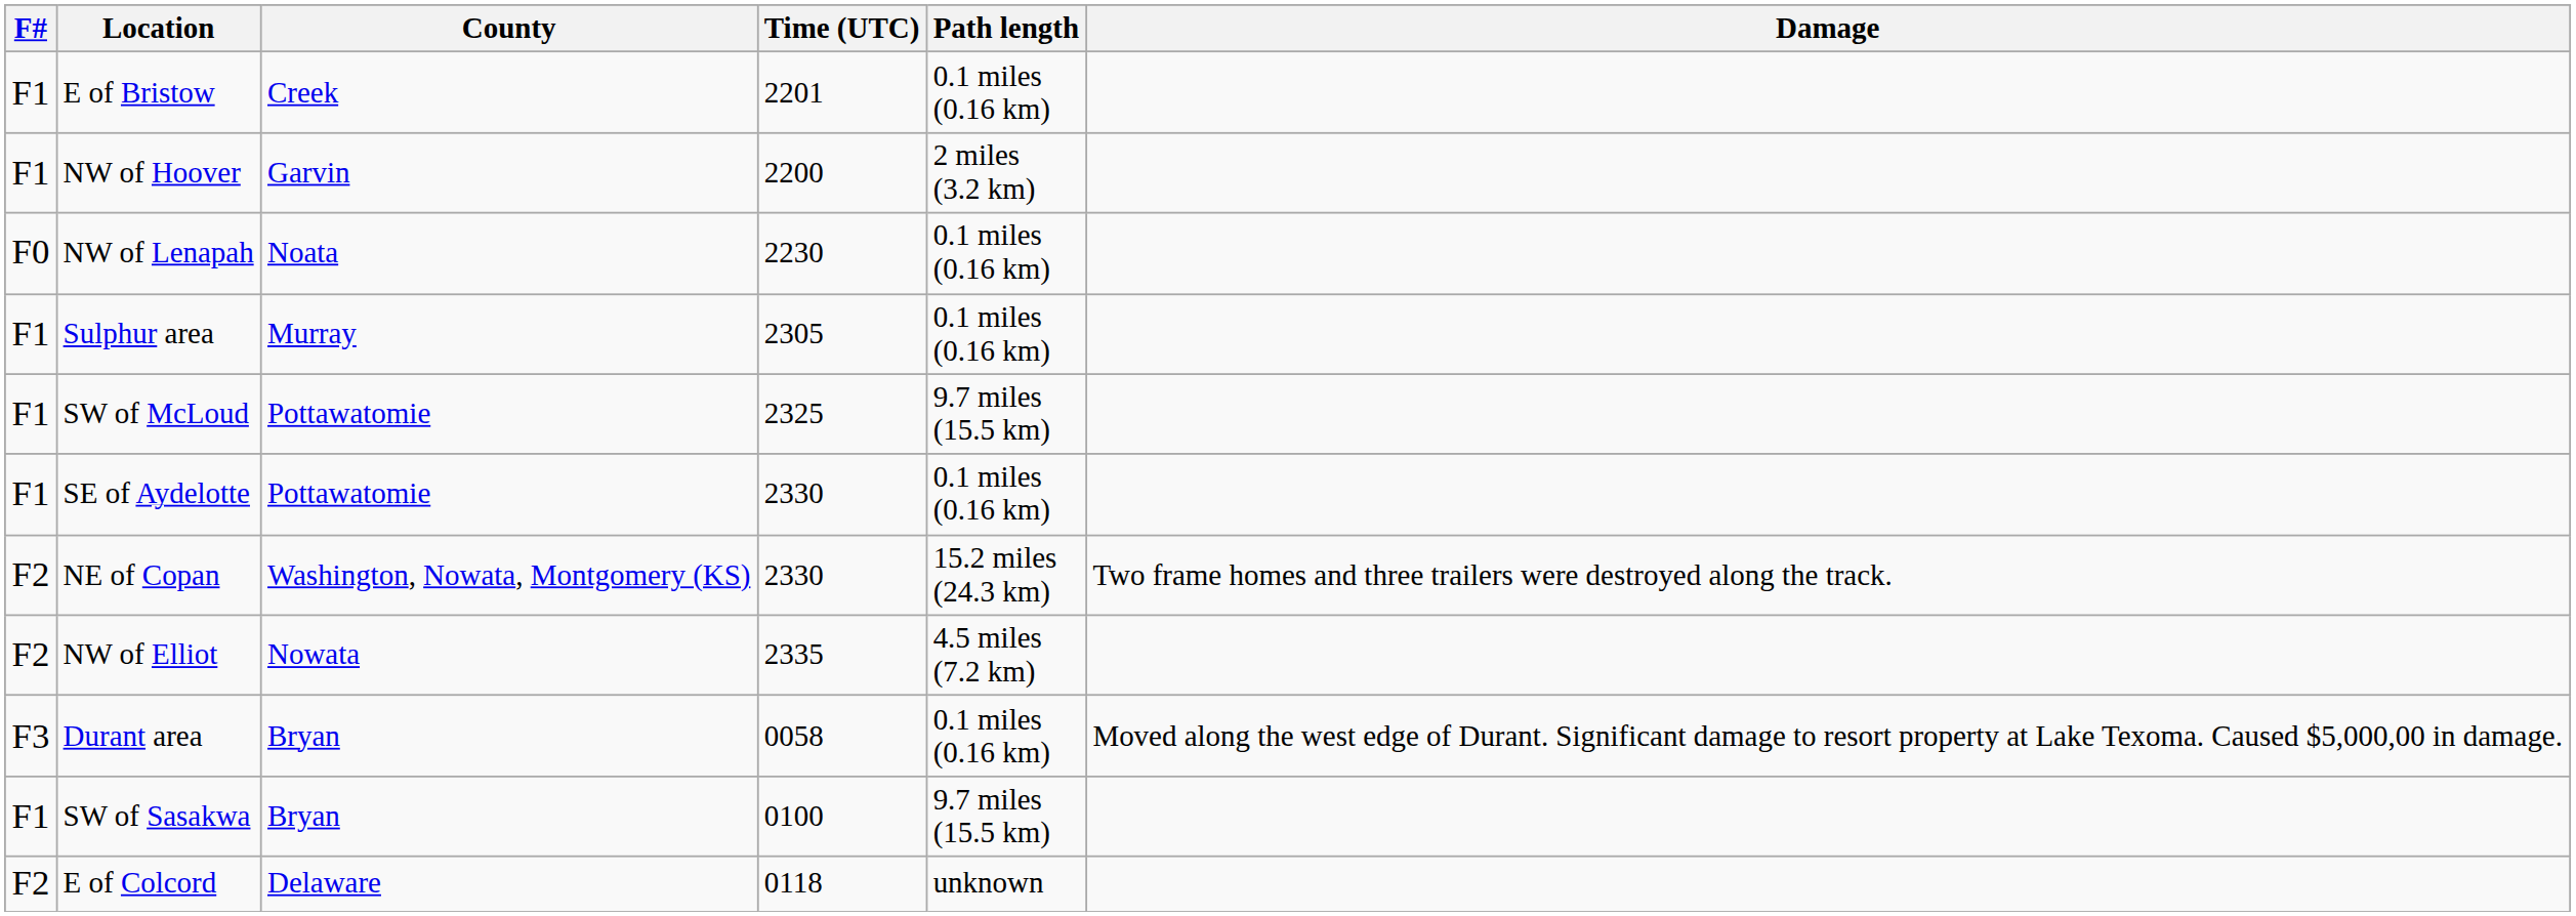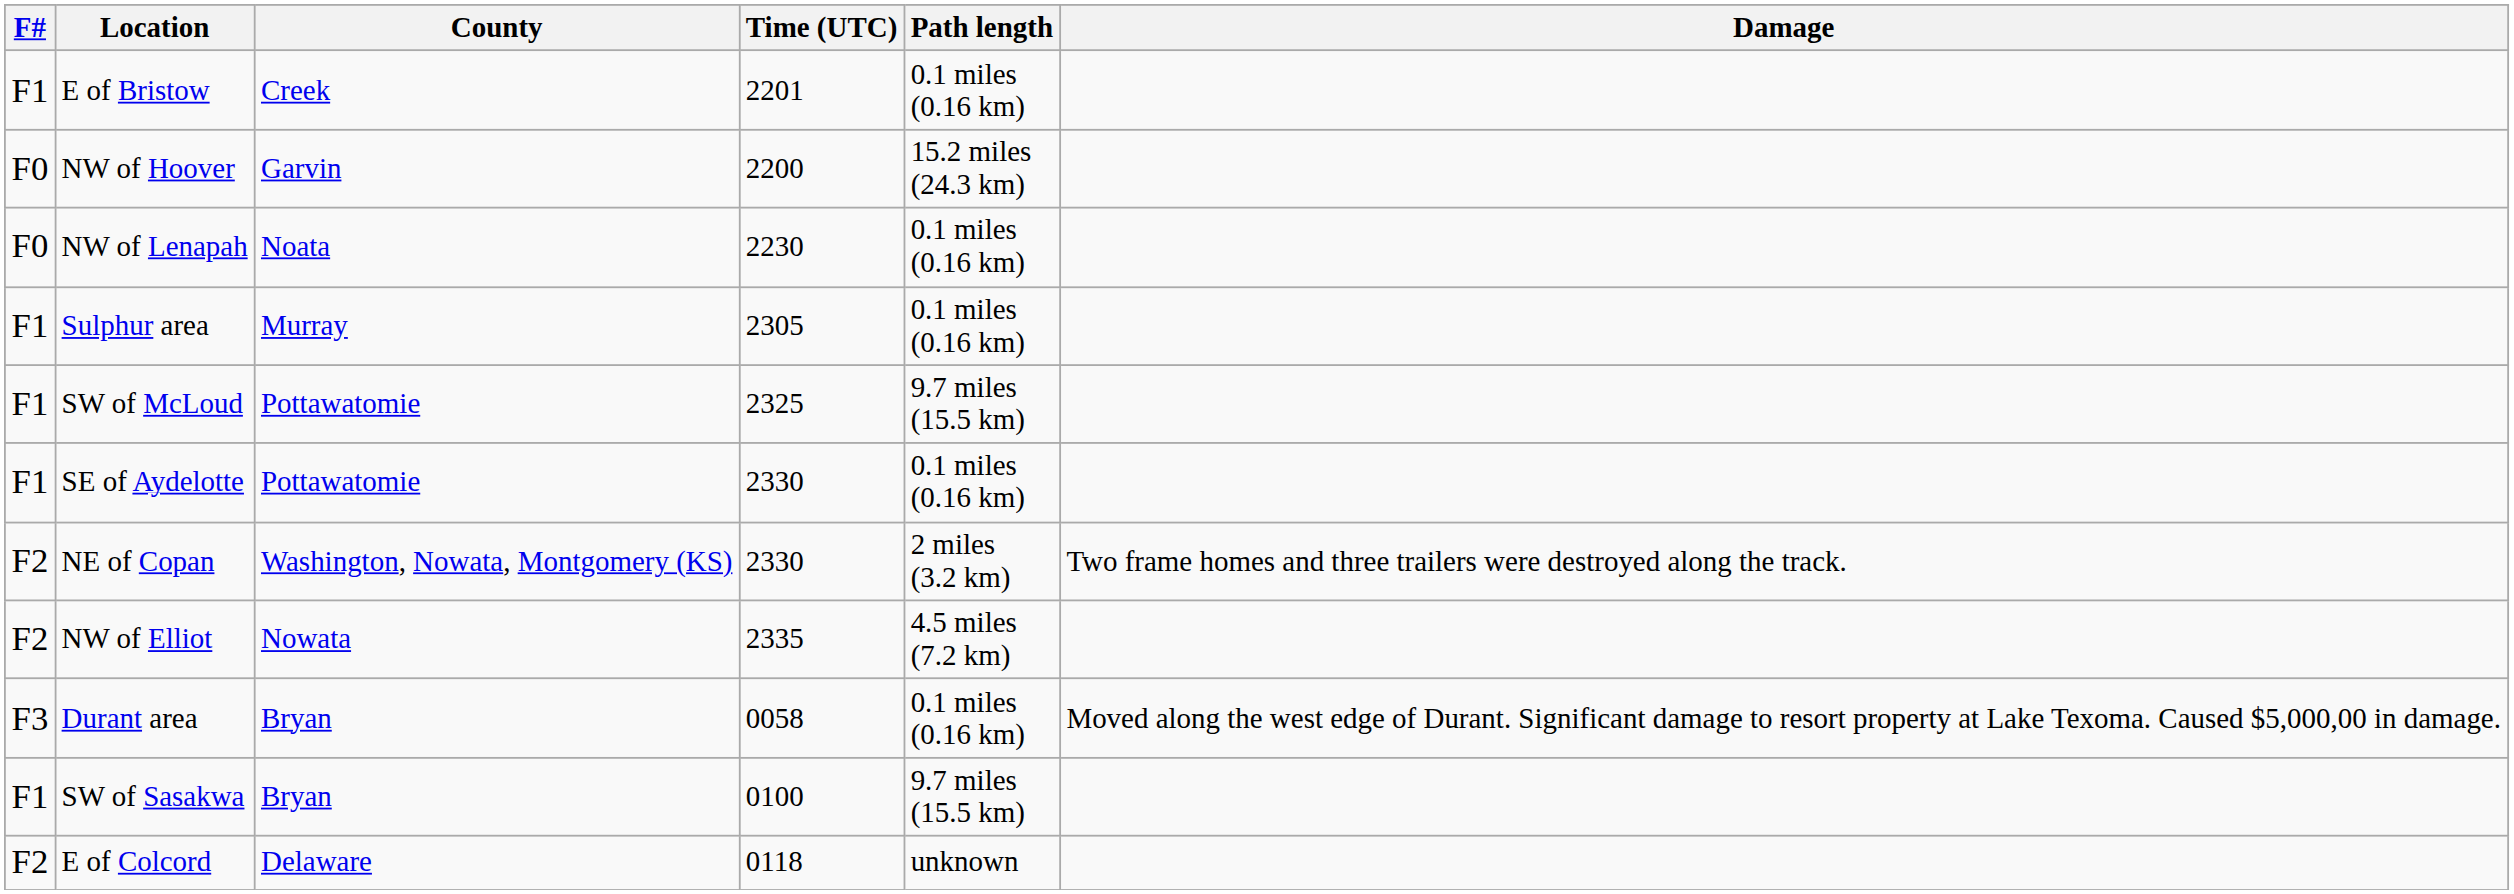 <table class="wikitable">
 <tr>
 <th scope="col"><strong><a href='#'>F#</a></strong></th>
 <th scope="col"><strong>Location</strong></th>
 <th scope="col"><strong>County</strong></th>
 <th scope="col"><strong>Time (UTC)</strong></th>
 <th scope="col"><strong>Path length</strong></th>
 <th scope="col"><strong>Damage</strong></th>
 </tr>
 <tr>
 <td><big>F1</big></td>
 <td>E of <a href='#'>Bristow</a></td>
 <td><a href='#'>Creek</a></td>
 <td>2201</td>
 <td>0.1 miles <br>(0.16 km)</td>
 <td></td>
 </tr>
 <tr>
-<td><big>F1</big></td>
+<td><big>F0</big></td>
 <td>NW of <a href='#'>Hoover</a></td>
 <td><a href='#'>Garvin</a></td>
 <td>2200</td>
-<td>2 miles <br>(3.2 km)</td>
+<td>15.2 miles <br>(24.3 km)</td>
 <td></td>
 </tr>
 <tr>
 <td><big>F0</big></td>
 <td>NW of <a href='#'>Lenapah</a></td>
 <td><a href='#'>Noata</a></td>
 <td>2230</td>
 <td>0.1 miles <br>(0.16 km)</td>
 <td></td>
 </tr>
 <tr>
 <td><big>F1</big></td>
 <td><a href='#'>Sulphur</a> area</td>
 <td><a href='#'>Murray</a></td>
 <td>2305</td>
 <td>0.1 miles <br>(0.16 km)</td>
 <td></td>
 </tr>
 <tr>
 <td><big>F1</big></td>
 <td>SW of <a href='#'>McLoud</a></td>
 <td><a href='#'>Pottawatomie</a></td>
 <td>2325</td>
 <td>9.7 miles <br>(15.5 km)</td>
 <td></td>
 </tr>
 <tr>
 <td><big>F1</big></td>
 <td>SE of <a href='#'>Aydelotte</a></td>
 <td><a href='#'>Pottawatomie</a></td>
 <td>2330</td>
 <td>0.1 miles <br>(0.16 km)</td>
 <td></td>
 </tr>
 <tr>
 <td><big>F2</big></td>
 <td>NE of <a href='#'>Copan</a></td>
 <td><a href='#'>Washington</a>, <a href='#'>Nowata</a>, <a href='#'>Montgomery (KS)</a></td>
 <td>2330</td>
-<td>15.2 miles <br>(24.3 km)</td>
+<td>2 miles <br>(3.2 km)</td>
 <td>Two frame homes and three trailers were destroyed along the track.</td>
 </tr>
 <tr>
 <td><big>F2</big></td>
 <td>NW of <a href='#'>Elliot</a></td>
 <td><a href='#'>Nowata</a></td>
 <td>2335</td>
 <td>4.5 miles <br>(7.2 km)</td>
 <td></td>
 </tr>
 <tr>
 <td><big>F3</big></td>
 <td><a href='#'>Durant</a> area</td>
 <td><a href='#'>Bryan</a></td>
 <td>0058</td>
 <td>0.1 miles <br>(0.16 km)</td>
 <td>Moved along the west edge of Durant. Significant damage to resort property at Lake Texoma. Caused $5,000,00 in damage.</td>
 </tr>
 <tr>
 <td><big>F1</big></td>
 <td>SW of <a href='#'>Sasakwa</a></td>
 <td><a href='#'>Bryan</a></td>
 <td>0100</td>
 <td>9.7 miles <br>(15.5 km)</td>
 <td></td>
 </tr>
 <tr>
 <td><big>F2</big></td>
 <td>E of <a href='#'>Colcord</a></td>
 <td><a href='#'>Delaware</a></td>
 <td>0118</td>
 <td>unknown</td>
 </tr>
 </table>
